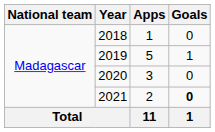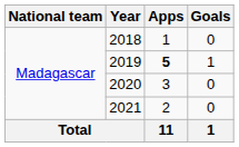 <table class="wikitable" style="text-align:center">
 <tr>
 <th>National team</th>
 <th>Year</th>
 <th>Apps</th>
 <th>Goals</th>
 </tr>
 <tr>
 <td rowspan="4"><a href='#'>Madagascar</a></td>
 <td>2018</td>
 <td>1</td>
 <td>0</td>
 </tr>
 <tr>
 <td>2019</td>
-<td>5</td>
+<td><strong>5</strong></td>
 <td>1</td>
 </tr>
 <tr>
 <td>2020</td>
 <td>3</td>
 <td>0</td>
 </tr>
 <tr>
 <td>2021</td>
 <td>2</td>
-<td><strong>0</strong></td>
+<td>0</td>
 </tr>
 <tr>
 <th colspan="2">Total</th>
 <th>11</th>
 <th>1</th>
 </tr>
 </table>
